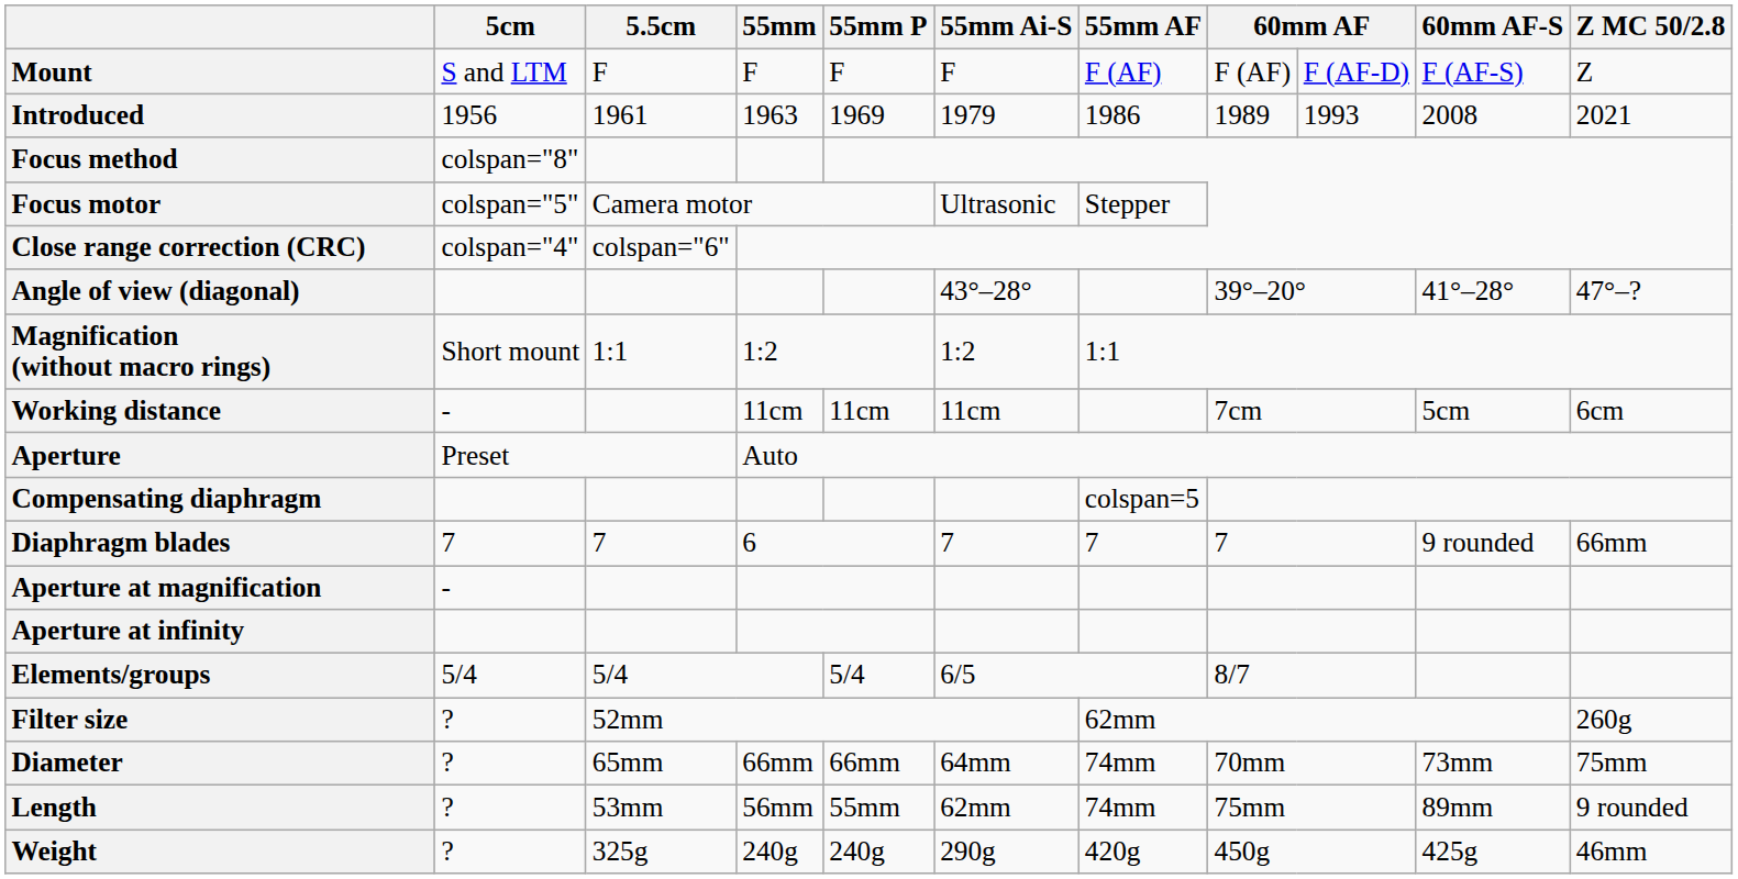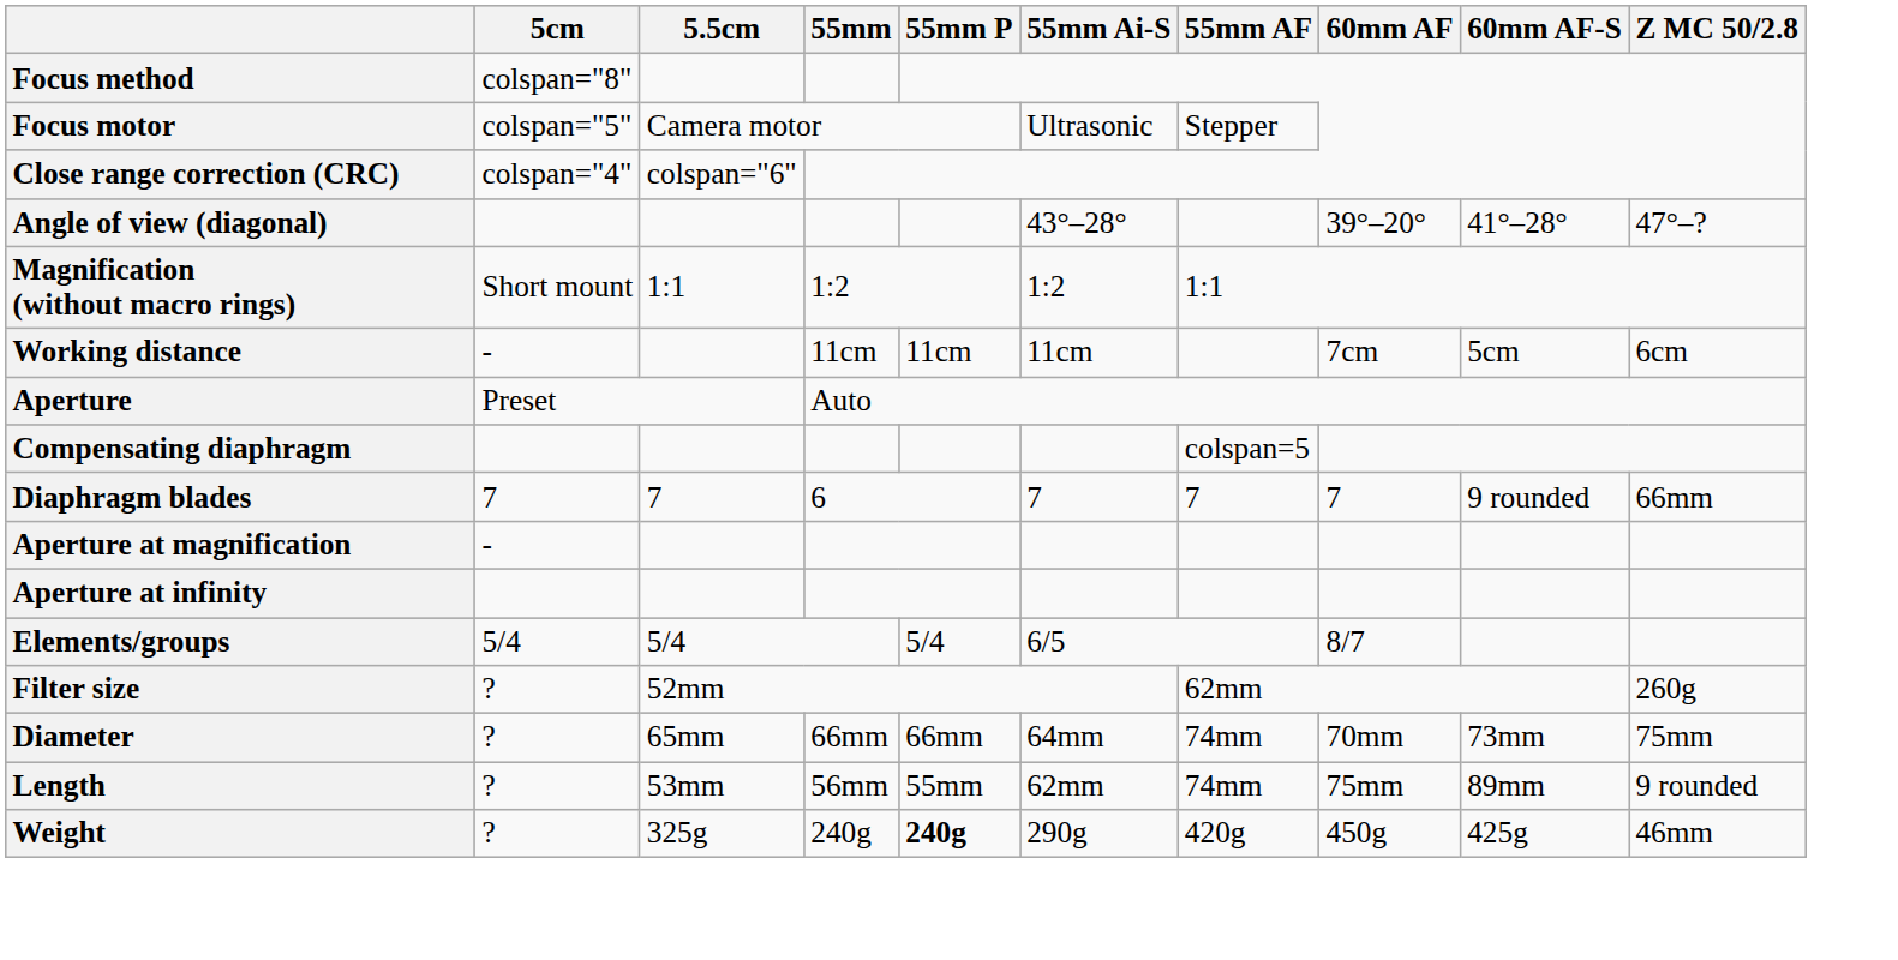 <table class="wikitable">
 <tr>
 <th style="width: 15em"></th>
 <th>5cm </th>
 <th>5.5cm </th>
 <th>55mm </th>
 <th>55mm  P</th>
 <th>55mm  Ai‑S</th>
 <th>55mm  AF</th>
 <th colspan="2">60mm  AF</th>
 <th>60mm  AF‑S</th>
 <th>Z MC 50/2.8</th>
-</tr>
-<tr>
-<th style="text-align: left">Mount</th>
-<td><a href='#'>S</a> and <a href='#'>LTM</a></td>
-<td>F</td>
-<td>F</td>
-<td>F</td>
-<td>F</td>
-<td><a href='#'>F (AF)</a></td>
-<td>F (AF)</td>
-<td><a href='#'>F (AF‑D)</a></td>
-<td><a href='#'>F (AF‑S)</a></td>
-<td>Z</td>
-</tr>
-<tr>
-<th style="text-align: left">Introduced</th>
-<td>1956</td>
-<td>1961</td>
-<td>1963</td>
-<td>1969</td>
-<td>1979</td>
-<td>1986</td>
-<td>1989</td>
-<td>1993</td>
-<td>2008</td>
-<td>2021</td>
 </tr>
 <tr>
 <th style="text-align: left">Focus method</th>
 <td>colspan="8" </td>
 <td></td>
 <td></td>
 </tr>
 <tr>
 <th style="text-align: left">Focus motor</th>
 <td>colspan="5" </td>
 <td colspan="3">Camera motor</td>
 <td>Ultrasonic</td>
 <td>Stepper</td>
 </tr>
 <tr>
 <th style="text-align: left">Close range correction (CRC)</th>
 <td>colspan="4" </td>
 <td>colspan="6" </td>
 </tr>
 <tr>
 <th style="text-align: left">Angle of view (diagonal)</th>
 <td></td>
 <td></td>
 <td></td>
 <td></td>
 <td>43°–28°</td>
 <td></td>
 <td colspan="2">39°–20°</td>
 <td>41°–28°</td>
 <td>47°–?</td>
 </tr>
 <tr>
 <th style="text-align: left">Magnification<br>(without macro rings)</th>
 <td>Short mount</td>
 <td>1:1</td>
 <td colspan="2">1:2</td>
 <td>1:2</td>
 <td colspan=5>1:1</td>
 </tr>
 <tr>
 <th style="text-align: left">Working distance</th>
 <td>-</td>
 <td></td>
 <td>11cm</td>
 <td>11cm</td>
 <td>11cm</td>
 <td></td>
 <td colspan="2">7cm</td>
 <td>5cm</td>
 <td>6cm</td>
 </tr>
 <tr>
 <th style="text-align: left">Aperture</th>
 <td colspan="2">Preset</td>
 <td colspan="8">Auto</td>
 </tr>
 <tr>
 <th style="text-align: left">Compensating diaphragm</th>
 <td></td>
 <td></td>
 <td></td>
 <td></td>
 <td></td>
 <td>colspan=5 </td>
 </tr>
 <tr>
 <th style="text-align: left">Diaphragm blades</th>
 <td>7</td>
 <td>7</td>
 <td colspan="2">6</td>
 <td>7</td>
 <td>7</td>
 <td colspan=2>7</td>
 <td>9 rounded</td>
 <td>66mm</td>
 </tr>
 <tr>
 <th style="text-align: left">Aperture at magnification</th>
 <td>-</td>
 <td></td>
 <td colspan="2"></td>
 <td></td>
 <td></td>
 <td colspan="2"></td>
 <td></td>
 <td></td>
 </tr>
 <tr>
 <th style="text-align: left">Aperture at infinity</th>
 <td></td>
 <td></td>
 <td colspan="2"></td>
 <td></td>
 <td></td>
 <td colspan="2"></td>
 <td></td>
 <td></td>
 </tr>
 <tr>
 <th style="text-align: left">Elements/groups</th>
 <td>5/4</td>
 <td colspan="2">5/4</td>
 <td>5/4</td>
 <td colspan="2">6/5</td>
 <td colspan="2">8/7</td>
 <td></td>
 <td></td>
 </tr>
 <tr>
 <th style="text-align: left">Filter size</th>
 <td>?</td>
 <td colspan="4">52mm</td>
 <td colspan="4">62mm</td>
 <td>260g</td>
 </tr>
 <tr>
 <th style="text-align: left">Diameter</th>
 <td>?</td>
 <td>65mm</td>
 <td>66mm</td>
 <td>66mm</td>
 <td>64mm</td>
 <td>74mm</td>
 <td colspan="2">70mm</td>
 <td>73mm</td>
 <td>75mm</td>
 </tr>
 <tr>
 <th style="text-align: left">Length</th>
 <td>?</td>
 <td>53mm</td>
 <td>56mm</td>
 <td>55mm</td>
 <td>62mm</td>
 <td>74mm</td>
 <td colspan="2">75mm</td>
 <td>89mm</td>
 <td>9 rounded</td>
 </tr>
 <tr>
 <th style="text-align: left">Weight</th>
 <td>?</td>
 <td>325g</td>
 <td>240g</td>
-<td>240g</td>
+<td><strong>240g</strong></td>
 <td>290g</td>
 <td>420g</td>
 <td colspan="2">450g</td>
 <td>425g</td>
 <td>46mm</td>
 </tr>
 </table>
